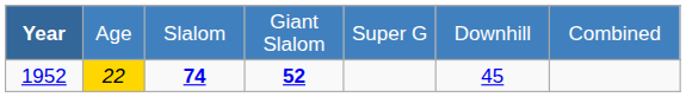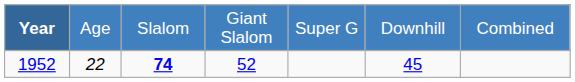 <table class="wikitable" style="font-size:95%; text-align:center; border:grey solid 1px; border-collapse:collapse;" width="40%">
 <tr style="background-color:#369; color:white;">
 <td rowspan="2" colspan="1" width="4%"><strong>Year</strong></td>
 </tr>
 <tr style="background-color:#4180be; color:white;">
 <td width="3%">Age</td>
 <td width="5%">Slalom</td>
 <td width="5%">Giant<br>Slalom</td>
 <td width="5%">Super G</td>
 <td width="5%">Downhill</td>
 <td width="5%">Combined</td>
 </tr>
 <tr style="background-color:#8CB2D8; color:white;">
 </tr>
 <tr>
 <td><a href='#'>1952</a></td>
-<td style="background: gold;"><em>22</em></td>
+<td><em>22</em></td>
 <td><strong><a href='#'>74</a></strong></td>
-<td><strong><a href='#'>52</a></strong></td>
+<td><a href='#'>52</a></td>
 <td></td>
 <td><a href='#'>45</a></td>
 <td></td>
 </tr>
 </table>
